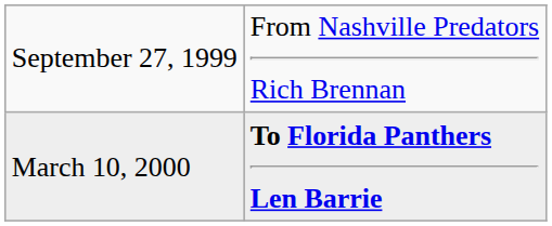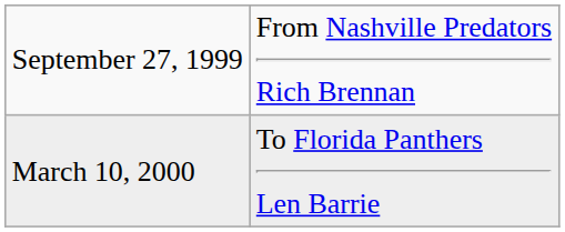 <table class="wikitable">
 <tr>
 <td>September 27, 1999</td>
 <td valign="top">From <a href='#'>Nashville Predators</a><hr><a href='#'>Rich Brennan</a></td>
 </tr>
 <tr style="background:#eee;">
 <td>March 10, 2000</td>
-<td valign="top"><strong>To <a href='#'>Florida Panthers</a><hr><a href='#'>Len Barrie</a></strong></td>
+<td valign="top">To <a href='#'>Florida Panthers</a><hr><a href='#'>Len Barrie</a></td>
 </tr>
 </table>
